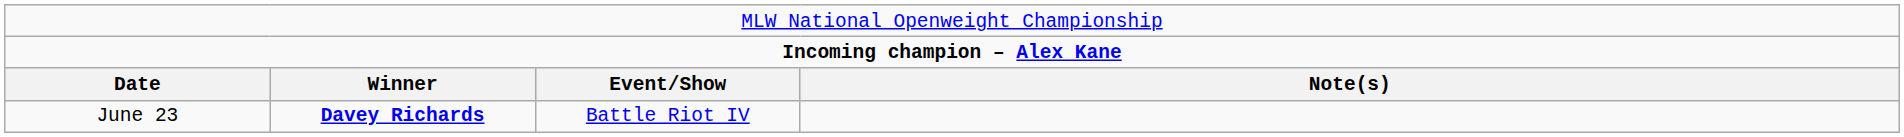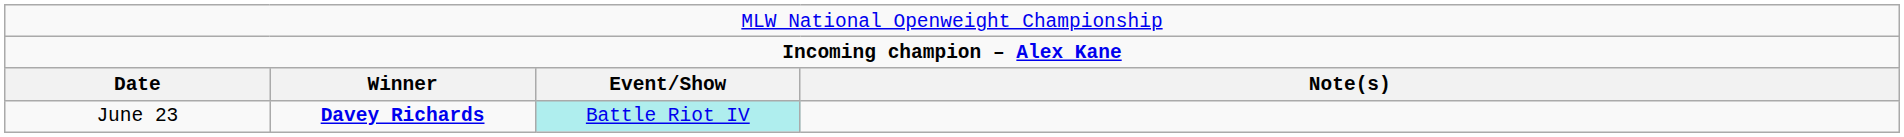 <table class="wikitable" style="text-align:center; width:100%;">
 <tr>
 <td colspan="4" style="text-align: center;"><a href='#'>MLW National Openweight Championship</a></td>
 </tr>
 <tr>
 <td colspan="4" style="text-align: center;"><strong>Incoming champion – <a href='#'>Alex Kane</a></strong></td>
 </tr>
 <tr>
 <th width=14%>Date</th>
 <th width=14%>Winner</th>
 <th width=14%>Event/Show</th>
 <th width=58%>Note(s)</th>
 </tr>
 <tr>
 <td>June 23</td>
 <td><strong><a href='#'>Davey Richards</a></strong></td>
-<td><a href='#'>Battle Riot IV</a></td>
+<td style="background: paleturquoise;"><a href='#'>Battle Riot IV</a></td>
 <td></td>
 </tr>
 </table>
